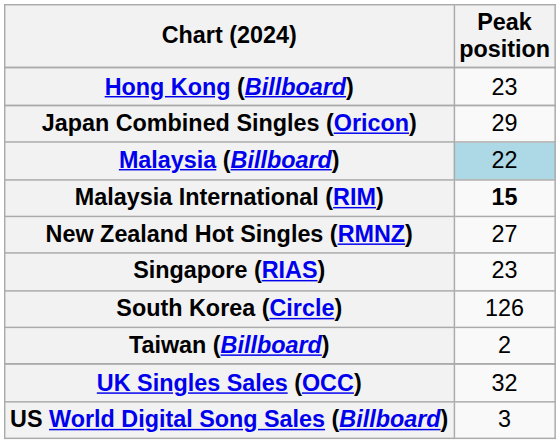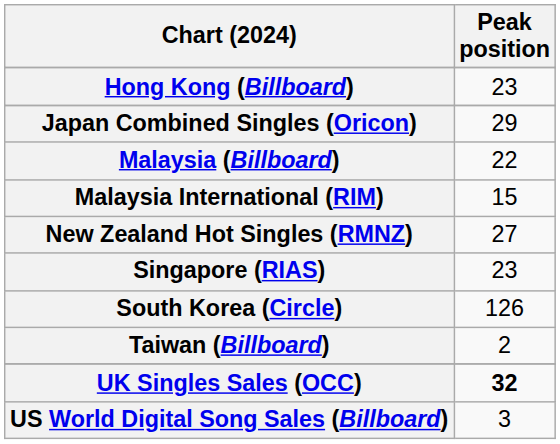 <table class="wikitable sortable plainrowheaders" style="text-align:center">
 <tr>
 <th scope="col">Chart (2024)</th>
 <th scope="col">Peak<br>position</th>
 </tr>
 <tr>
 </tr>
 <tr>
 <th scope="row"><a href='#'>Hong Kong</a> (<em><a href='#'>Billboard</a></em>)</th>
 <td>23</td>
 </tr>
 <tr>
 </tr>
 <tr>
 <th scope="row">Japan Combined Singles (<a href='#'>Oricon</a>)</th>
 <td>29</td>
 </tr>
 <tr>
 <th scope="row"><a href='#'>Malaysia</a> (<em><a href='#'>Billboard</a></em>)</th>
-<td style="background: lightblue;">22</td>
+<td>22</td>
 </tr>
 <tr>
 <th scope="row">Malaysia International (<a href='#'>RIM</a>)</th>
-<td><strong>15</strong></td>
+<td>15</td>
 </tr>
 <tr>
 <th scope="row">New Zealand Hot Singles (<a href='#'>RMNZ</a>)</th>
 <td>27</td>
 </tr>
 <tr>
 <th scope="row">Singapore (<a href='#'>RIAS</a>)</th>
 <td>23</td>
 </tr>
 <tr>
 <th scope="row">South Korea (<a href='#'>Circle</a>)</th>
 <td>126</td>
 </tr>
 <tr>
 <th scope="row">Taiwan (<em><a href='#'>Billboard</a></em>)</th>
 <td>2</td>
 </tr>
 <tr>
 </tr>
 <tr>
 <th scope="row"><a href='#'>UK Singles Sales</a> (<a href='#'>OCC</a>)</th>
-<td>32</td>
+<td><strong>32</strong></td>
 </tr>
 <tr>
 <th scope="row">US <a href='#'>World Digital Song Sales</a> (<em><a href='#'>Billboard</a></em>)</th>
 <td>3</td>
 </tr>
 </table>
